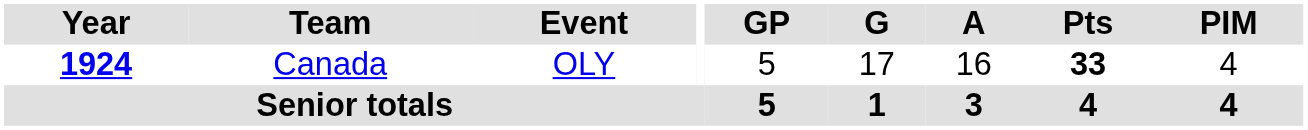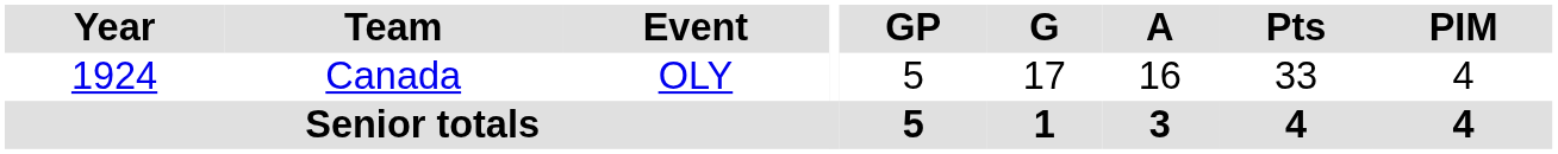 <table border="0" cellpadding="1" cellspacing="0" ID="Table3" style="text-align:center; width:40em">
 <tr bgcolor="#e0e0e0">
 <th>Year</th>
 <th>Team</th>
 <th>Event</th>
 <th rowspan="102" bgcolor="#ffffff"></th>
 <th>GP</th>
 <th>G</th>
 <th>A</th>
 <th>Pts</th>
 <th>PIM</th>
 </tr>
 <tr>
-<td><strong><a href='#'>1924</a></strong></td>
+<td><a href='#'>1924</a></td>
 <td><a href='#'>Canada</a></td>
 <td><a href='#'>OLY</a></td>
 <td>5</td>
 <td>17</td>
 <td>16</td>
-<td><strong>33</strong></td>
+<td>33</td>
 <td>4</td>
 </tr>
 <tr bgcolor="#e0e0e0">
 <th colspan="4">Senior totals</th>
 <th>5</th>
 <th>1</th>
 <th>3</th>
 <th>4</th>
 <th>4</th>
 </tr>
 </table>
